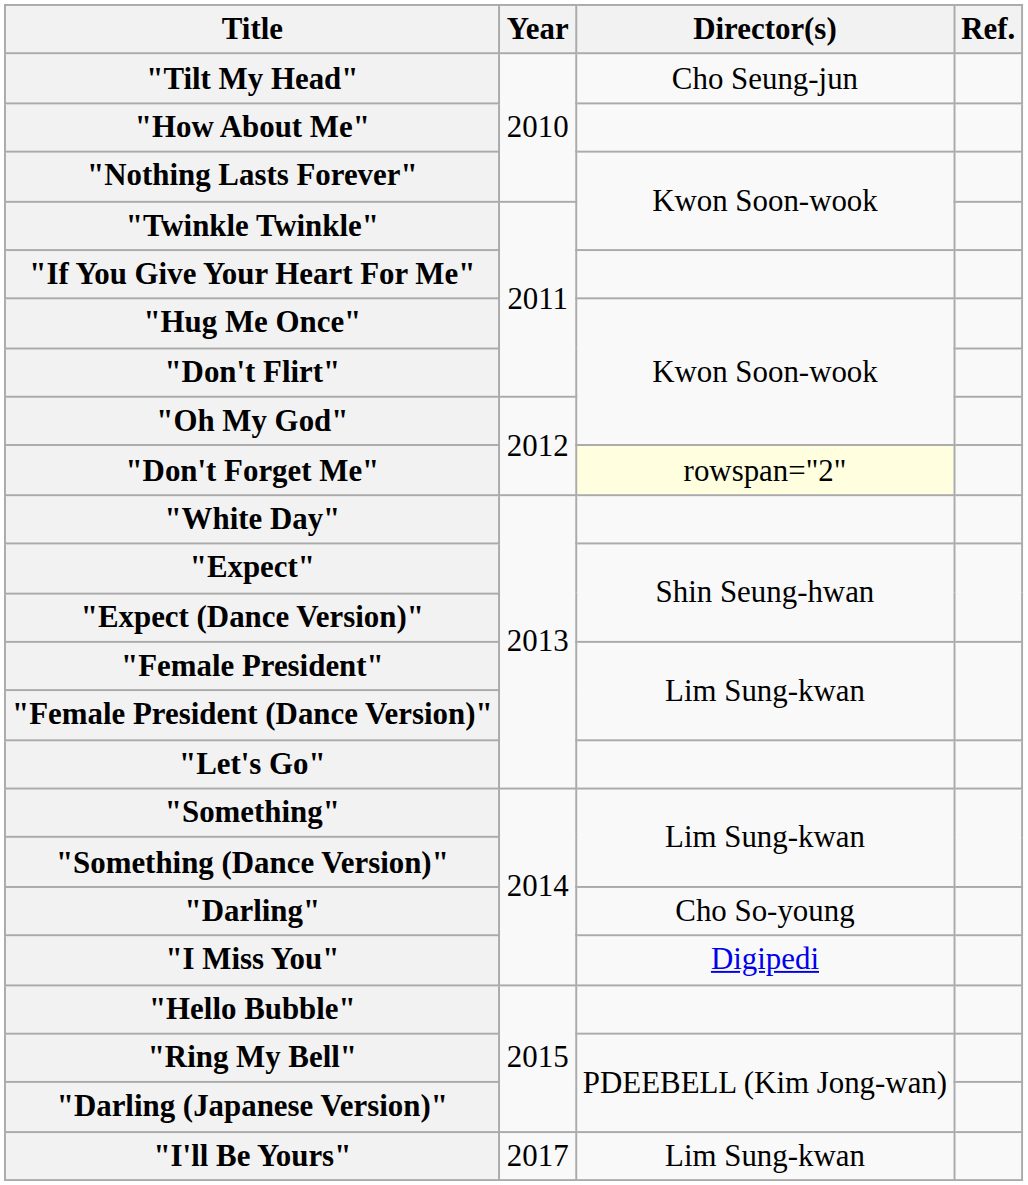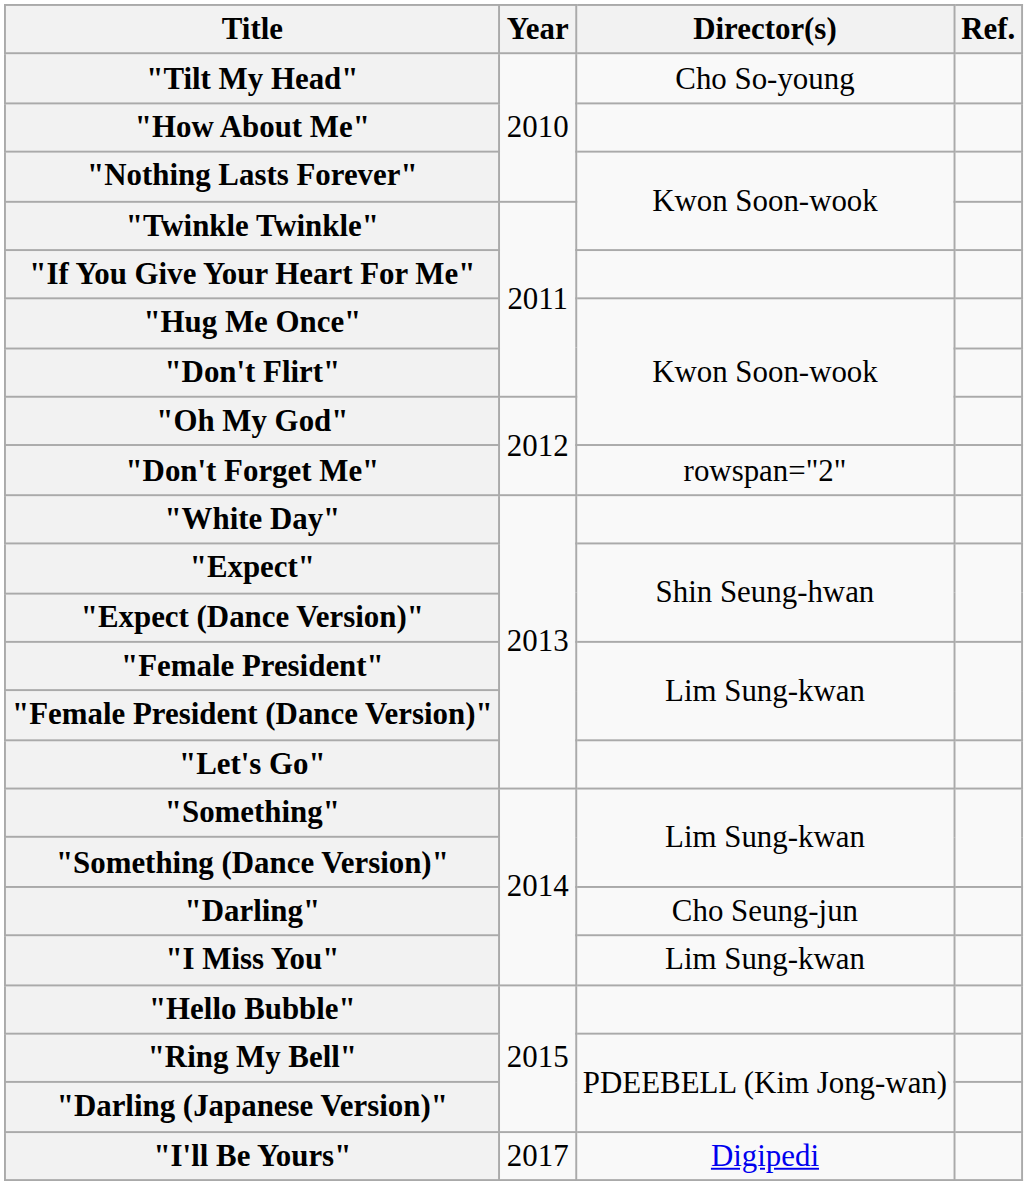 <table class="wikitable plainrowheaders" style="text-align:center;">
 <tr>
 <th scope="col">Title</th>
 <th scope="col">Year</th>
 <th scope="col">Director(s)</th>
 <th scope="col">Ref.</th>
 </tr>
 <tr>
 <th scope="row">"Tilt My Head"</th>
 <td rowspan="3">2010</td>
-<td>Cho Seung-jun</td>
+<td>Cho So-young</td>
 <td></td>
 </tr>
 <tr>
 <th scope="row">"How About Me"</th>
 <td></td>
 <td></td>
 </tr>
 <tr>
 <th scope="row">"Nothing Lasts Forever"</th>
 <td rowspan="2">Kwon Soon-wook</td>
 <td></td>
 </tr>
 <tr>
 <th scope="row">"Twinkle Twinkle"</th>
 <td rowspan="4">2011</td>
 <td></td>
 </tr>
 <tr>
 <th scope="row">"If You Give Your Heart For Me"</th>
 <td></td>
 <td></td>
 </tr>
 <tr>
 <th scope="row">"Hug Me Once"</th>
 <td rowspan="3">Kwon Soon-wook</td>
 <td></td>
 </tr>
 <tr>
 <th scope="row">"Don't Flirt"</th>
 <td></td>
 </tr>
 <tr>
 <th scope="row">"Oh My God"</th>
 <td rowspan="2">2012</td>
 <td></td>
 </tr>
 <tr>
 <th scope="row">"Don't Forget Me"</th>
-<td style="background: lightyellow;">rowspan="2" </td>
+<td>rowspan="2" </td>
 <td></td>
 </tr>
 <tr>
 <th scope="row">"White Day"</th>
 <td rowspan="6">2013</td>
 <td></td>
 </tr>
 <tr>
 <th scope="row">"Expect"</th>
 <td rowspan="2">Shin Seung-hwan</td>
 <td rowspan="2"></td>
 </tr>
 <tr>
 <th scope="row">"Expect (Dance Version)"</th>
 </tr>
 <tr>
 <th scope="row">"Female President"</th>
 <td rowspan="2">Lim Sung-kwan</td>
 <td rowspan="2"></td>
 </tr>
 <tr>
 <th scope="row">"Female President (Dance Version)"</th>
 </tr>
 <tr>
 <th scope="row">"Let's Go"</th>
 <td></td>
 <td></td>
 </tr>
 <tr>
 <th scope="row">"Something"</th>
 <td rowspan="4">2014</td>
 <td rowspan="2">Lim Sung-kwan</td>
 <td rowspan="2"></td>
 </tr>
 <tr>
 <th scope="row">"Something (Dance Version)"</th>
 </tr>
 <tr>
 <th scope="row">"Darling"</th>
-<td>Cho So-young</td>
+<td>Cho Seung-jun</td>
 <td></td>
 </tr>
 <tr>
 <th scope="row">"I Miss You"</th>
-<td><a href='#'>Digipedi</a></td>
+<td>Lim Sung-kwan</td>
 <td></td>
 </tr>
 <tr>
 <th scope="row">"Hello Bubble"</th>
 <td rowspan="3">2015</td>
 <td></td>
 <td></td>
 </tr>
 <tr>
 <th scope="row">"Ring My Bell"</th>
 <td rowspan="2">PDEEBELL (Kim Jong-wan)</td>
 <td></td>
 </tr>
 <tr>
 <th scope="row">"Darling (Japanese Version)"</th>
 <td></td>
 </tr>
 <tr>
 <th scope="row">"I'll Be Yours"</th>
 <td>2017</td>
-<td>Lim Sung-kwan</td>
+<td><a href='#'>Digipedi</a></td>
 <td></td>
 </tr>
 <tr>
 </tr>
 </table>
